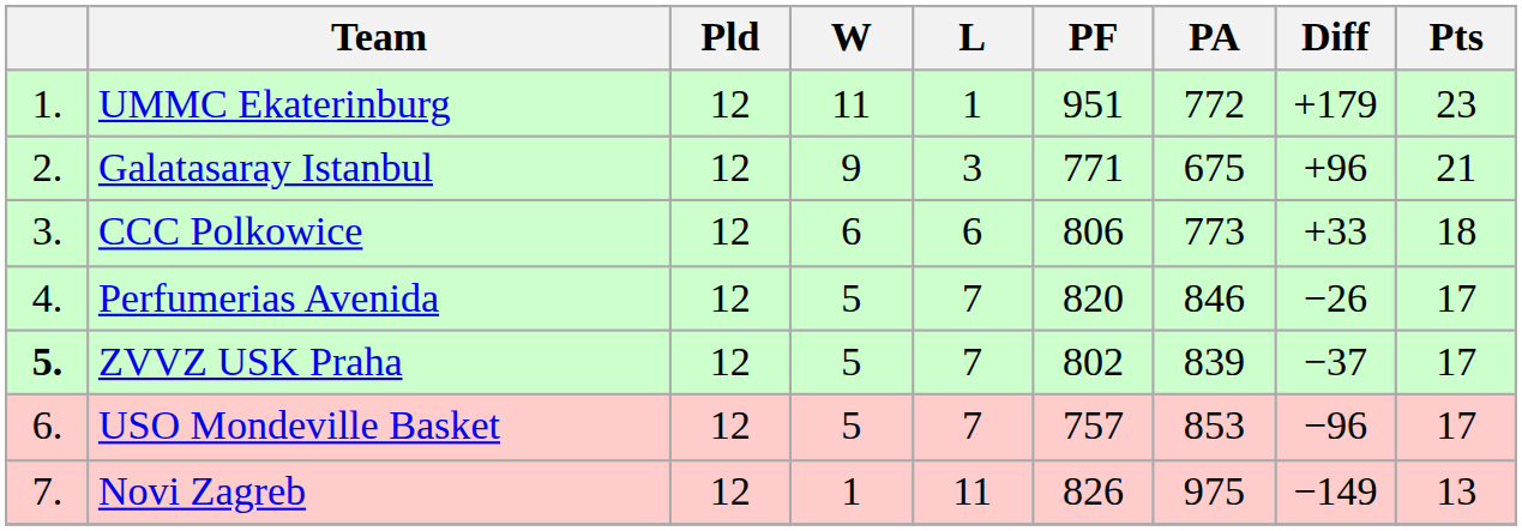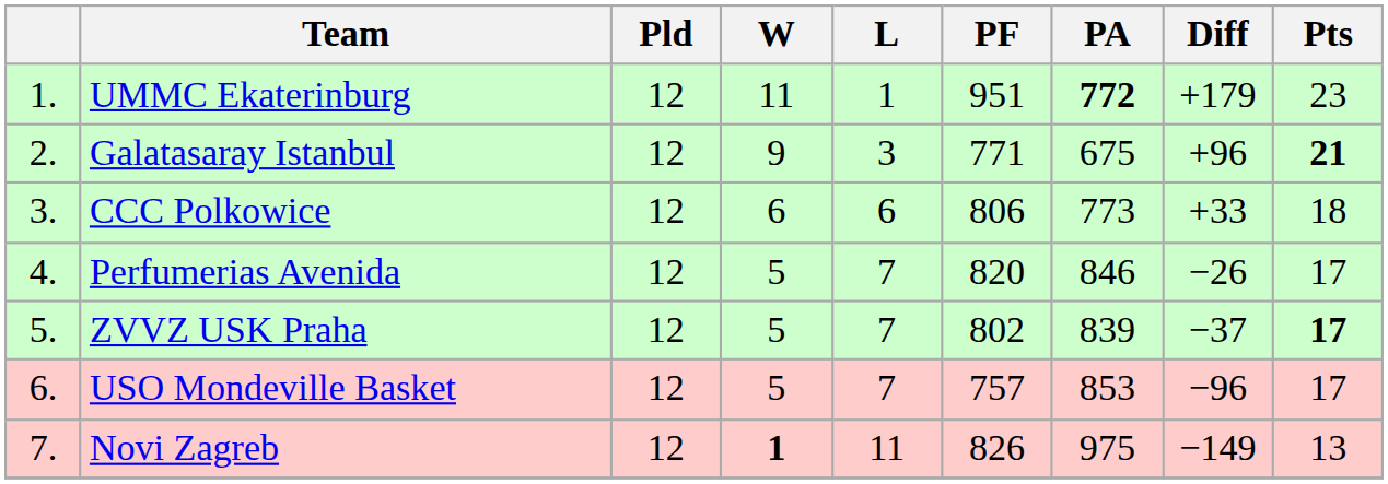 <table class="wikitable" style="text-align:center">
 <tr>
 <th width=25></th>
 <th width=220>Team</th>
 <th width=40>Pld</th>
 <th width=40>W</th>
 <th width=40>L</th>
 <th width=40>PF</th>
 <th width=40>PA</th>
 <th width=40>Diff</th>
 <th width=40>Pts</th>
 </tr>
 <tr style="background:#ccffcc;">
 <td>1.</td>
 <td align=left> <a href='#'>UMMC Ekaterinburg</a></td>
 <td>12</td>
 <td>11</td>
 <td>1</td>
 <td>951</td>
-<td>772</td>
+<td><strong>772</strong></td>
 <td>+179</td>
 <td>23</td>
 </tr>
 <tr style="background:#ccffcc;">
 <td>2.</td>
 <td align=left> <a href='#'>Galatasaray Istanbul</a></td>
 <td>12</td>
 <td>9</td>
 <td>3</td>
 <td>771</td>
 <td>675</td>
 <td>+96</td>
-<td>21</td>
+<td><strong>21</strong></td>
 </tr>
 <tr style="background:#ccffcc;">
 <td>3.</td>
 <td align=left> <a href='#'>CCC Polkowice</a></td>
 <td>12</td>
 <td>6</td>
 <td>6</td>
 <td>806</td>
 <td>773</td>
 <td>+33</td>
 <td>18</td>
 </tr>
 <tr style="background:#ccffcc;">
 <td>4.</td>
 <td align=left> <a href='#'>Perfumerias Avenida</a></td>
 <td>12</td>
 <td>5</td>
 <td>7</td>
 <td>820</td>
 <td>846</td>
 <td>−26</td>
 <td>17</td>
 </tr>
 <tr style="background:#ccffcc;">
-<td><strong>5.</strong></td>
+<td>5.</td>
 <td align=left> <a href='#'>ZVVZ USK Praha</a></td>
 <td>12</td>
 <td>5</td>
 <td>7</td>
 <td>802</td>
 <td>839</td>
 <td>−37</td>
-<td>17</td>
+<td><strong>17</strong></td>
 </tr>
 <tr style="background:#ffcccc;">
 <td>6.</td>
 <td align=left> <a href='#'>USO Mondeville Basket</a></td>
 <td>12</td>
 <td>5</td>
 <td>7</td>
 <td>757</td>
 <td>853</td>
 <td>−96</td>
 <td>17</td>
 </tr>
 <tr style="background:#ffcccc;">
 <td>7.</td>
 <td align=left> <a href='#'>Novi Zagreb</a></td>
 <td>12</td>
-<td>1</td>
+<td><strong>1</strong></td>
 <td>11</td>
 <td>826</td>
 <td>975</td>
 <td>−149</td>
 <td>13</td>
 </tr>
 <tr>
 </tr>
 </table>
